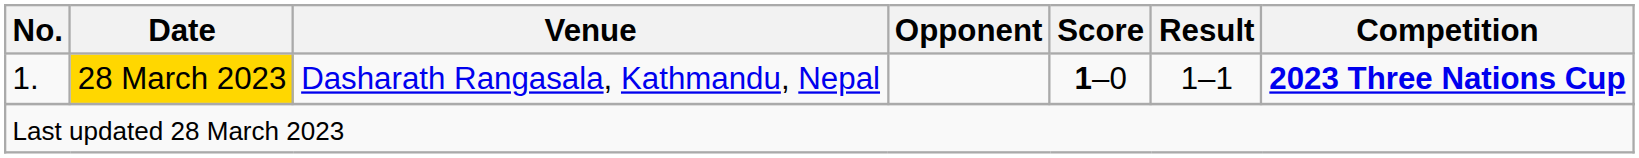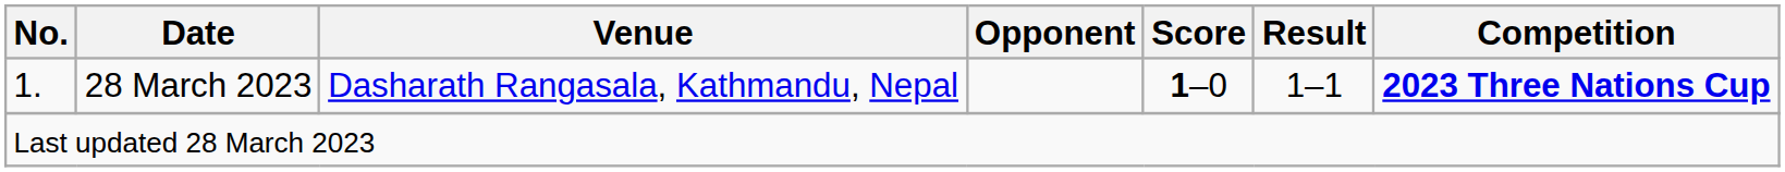 <table class="wikitable" style="font-size:85%;">
 <tr>
 <th>No.</th>
 <th>Date</th>
 <th>Venue</th>
 <th>Opponent</th>
 <th>Score</th>
 <th>Result</th>
 <th>Competition</th>
 </tr>
 <tr>
 <td>1.</td>
-<td style="background: gold;">28 March 2023</td>
+<td>28 March 2023</td>
 <td><a href='#'>Dasharath Rangasala</a>, <a href='#'>Kathmandu</a>, <a href='#'>Nepal</a></td>
 <td></td>
 <td align=center><strong>1</strong>–0</td>
 <td align=center>1–1</td>
 <td><strong><a href='#'>2023 Three Nations Cup</a></strong></td>
 </tr>
 <tr>
 </tr>
 <tr>
 <td colspan="7"><small>Last updated 28 March 2023</small></td>
 </tr>
 </table>
